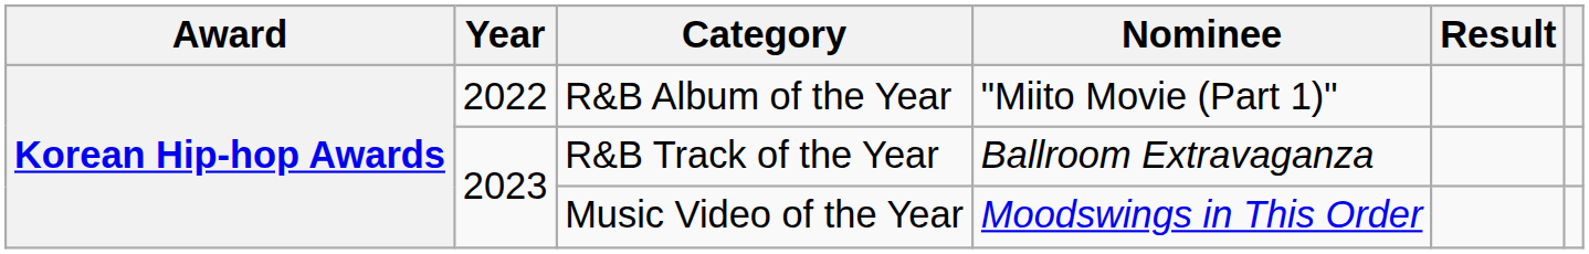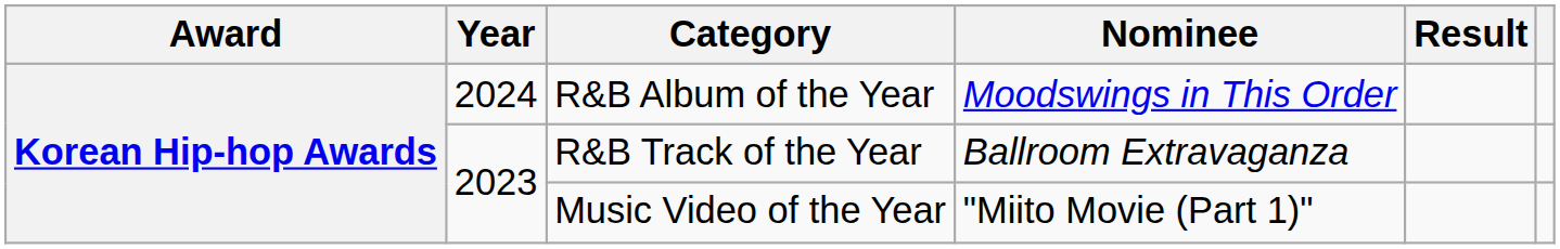 <table class="wikitable plainrowheaders">
 <tr>
 <th scope="col">Award</th>
 <th scope="col">Year</th>
 <th scope="col">Category</th>
 <th scope="col">Nominee</th>
 <th scope="col">Result</th>
 <th scope="col" class="unsortable"></th>
 </tr>
 <tr>
 <th rowspan="3" scope="row"><a href='#'>Korean Hip-hop Awards</a></th>
-<td>2022</td>
+<td>2024</td>
 <td>R&B Album of the Year</td>
-<td>"Miito Movie (Part 1)⁣"</td>
+<td><em><a href='#'>Moodswings in This Order</a></em></td>
 <td></td>
 <td style="text-align:center"></td>
 </tr>
 <tr>
 <td rowspan="2">2023</td>
 <td>R&B Track of the Year</td>
 <td><em>Ballroom Extravaganza</em></td>
 <td></td>
 <td style="text-align:center"></td>
 </tr>
 <tr>
 <td>Music Video of the Year</td>
-<td><em><a href='#'>Moodswings in This Order</a></em></td>
+<td>"Miito Movie (Part 1)⁣"</td>
 <td></td>
 <td style="text-align:center"></td>
 </tr>
 </table>
